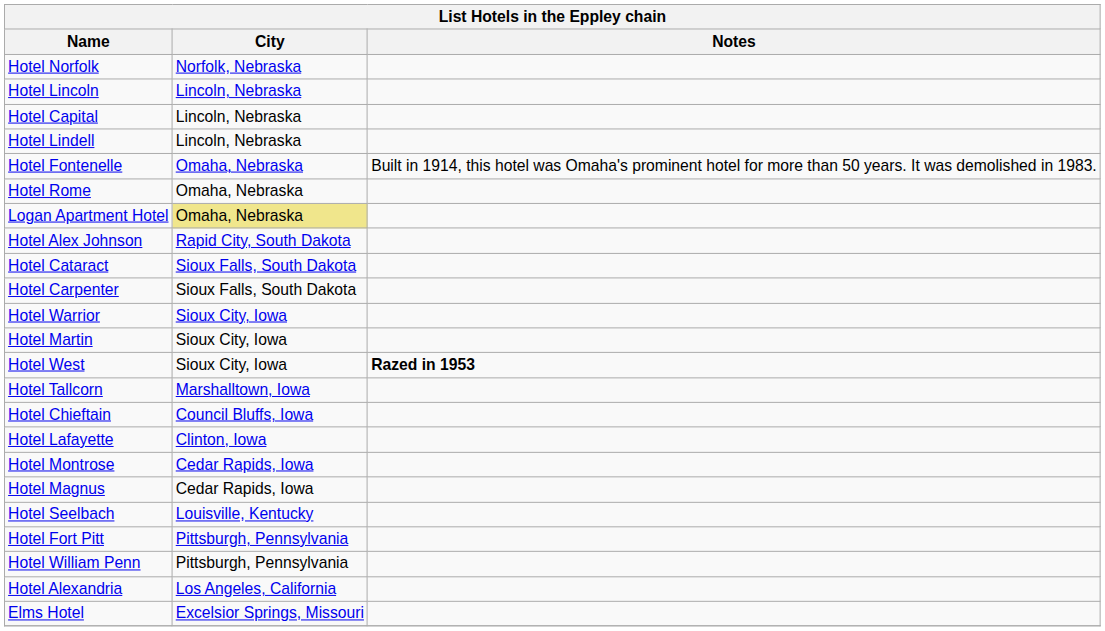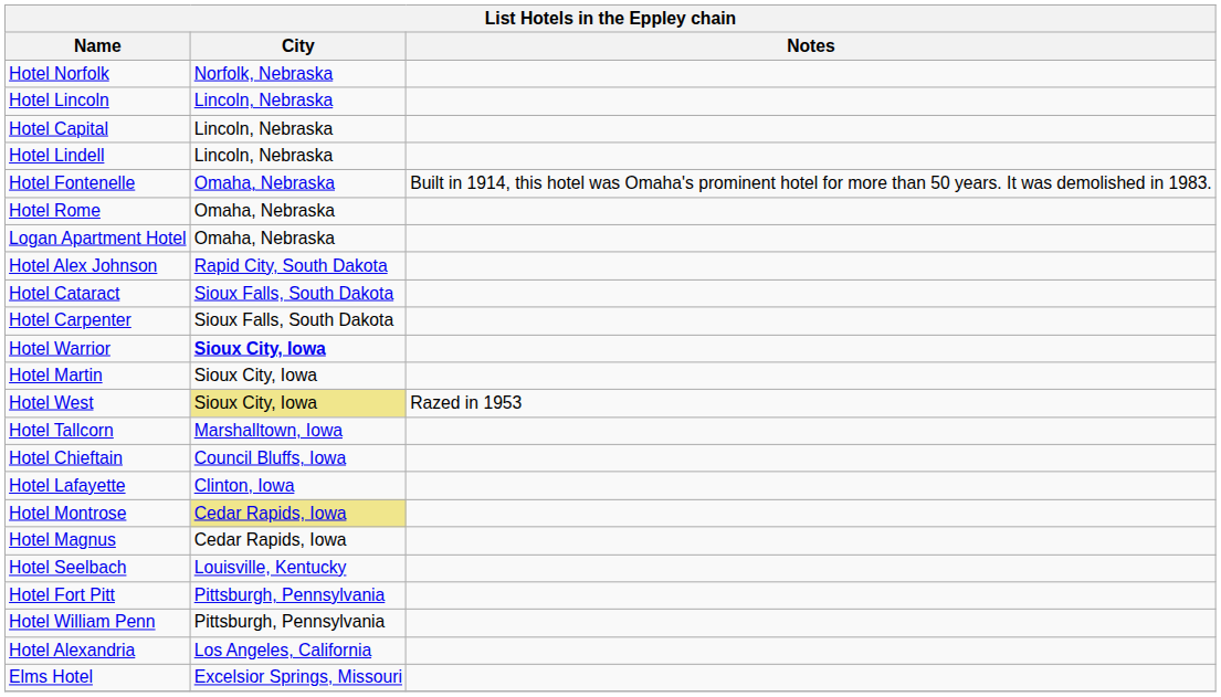 <table class="wikitable">
 <tr>
 <th align="center" colspan="6"><strong>List Hotels in the Eppley chain</strong></th>
 </tr>
 <tr>
 <th>Name</th>
 <th>City</th>
 <th>Notes</th>
 </tr>
 <tr>
 <td><a href='#'>Hotel Norfolk</a></td>
 <td><a href='#'>Norfolk, Nebraska</a></td>
 <td></td>
 </tr>
 <tr>
 <td><a href='#'>Hotel Lincoln</a></td>
 <td><a href='#'>Lincoln, Nebraska</a></td>
 <td></td>
 </tr>
 <tr>
 <td><a href='#'>Hotel Capital</a></td>
 <td>Lincoln, Nebraska</td>
 <td></td>
 </tr>
 <tr>
 <td><a href='#'>Hotel Lindell</a></td>
 <td>Lincoln, Nebraska</td>
 <td></td>
 </tr>
 <tr>
 <td><a href='#'>Hotel Fontenelle</a></td>
 <td><a href='#'>Omaha, Nebraska</a></td>
 <td>Built in 1914, this hotel was Omaha's prominent hotel for more than 50 years. It was demolished in 1983.</td>
 </tr>
 <tr>
 <td><a href='#'>Hotel Rome</a></td>
 <td>Omaha, Nebraska</td>
 <td></td>
 </tr>
 <tr>
 <td><a href='#'>Logan Apartment Hotel</a></td>
-<td style="background: khaki;">Omaha, Nebraska</td>
+<td>Omaha, Nebraska</td>
 <td></td>
 </tr>
 <tr>
 <td><a href='#'>Hotel Alex Johnson</a></td>
 <td><a href='#'>Rapid City, South Dakota</a></td>
 <td></td>
 </tr>
 <tr>
 <td><a href='#'>Hotel Cataract</a></td>
 <td><a href='#'>Sioux Falls, South Dakota</a></td>
 <td></td>
 </tr>
 <tr>
 <td><a href='#'>Hotel Carpenter</a></td>
 <td>Sioux Falls, South Dakota</td>
 <td></td>
 </tr>
 <tr>
 <td><a href='#'>Hotel Warrior</a></td>
-<td><a href='#'>Sioux City, Iowa</a></td>
+<td><strong><a href='#'>Sioux City, Iowa</a></strong></td>
 <td></td>
 </tr>
 <tr>
 <td><a href='#'>Hotel Martin</a></td>
 <td>Sioux City, Iowa</td>
 <td></td>
 </tr>
 <tr>
 <td><a href='#'>Hotel West</a></td>
-<td>Sioux City, Iowa</td>
-<td><strong>Razed in 1953</strong></td>
+<td style="background: khaki;">Sioux City, Iowa</td>
+<td>Razed in 1953</td>
 </tr>
 <tr>
 <td><a href='#'>Hotel Tallcorn</a></td>
 <td><a href='#'>Marshalltown, Iowa</a></td>
 <td></td>
 </tr>
 <tr>
 <td><a href='#'>Hotel Chieftain</a></td>
 <td><a href='#'>Council Bluffs, Iowa</a></td>
 <td></td>
 </tr>
 <tr>
 <td><a href='#'>Hotel Lafayette</a></td>
 <td><a href='#'>Clinton, Iowa</a></td>
 <td></td>
 </tr>
 <tr>
 <td><a href='#'>Hotel Montrose</a></td>
-<td><a href='#'>Cedar Rapids, Iowa</a></td>
+<td style="background: khaki;"><a href='#'>Cedar Rapids, Iowa</a></td>
 <td></td>
 </tr>
 <tr>
 <td><a href='#'>Hotel Magnus</a></td>
 <td>Cedar Rapids, Iowa</td>
 <td></td>
 </tr>
 <tr>
 <td><a href='#'>Hotel Seelbach</a></td>
 <td><a href='#'>Louisville, Kentucky</a></td>
 <td></td>
 </tr>
 <tr>
 <td><a href='#'>Hotel Fort Pitt</a></td>
 <td><a href='#'>Pittsburgh, Pennsylvania</a></td>
 <td></td>
 </tr>
 <tr>
 <td><a href='#'>Hotel William Penn</a></td>
 <td>Pittsburgh, Pennsylvania</td>
 <td></td>
 </tr>
 <tr>
 <td><a href='#'>Hotel Alexandria</a></td>
 <td><a href='#'>Los Angeles, California</a></td>
 <td></td>
 </tr>
 <tr>
 <td><a href='#'>Elms Hotel</a></td>
 <td><a href='#'>Excelsior Springs, Missouri</a></td>
 <td></td>
 </tr>
 <tr>
 </tr>
 </table>
